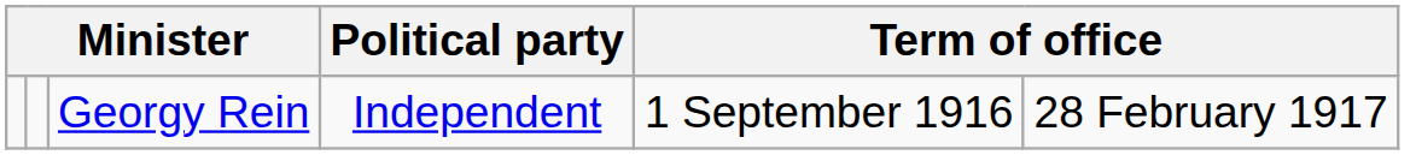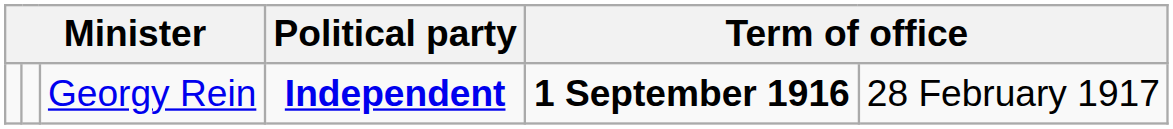 <table class="wikitable" style="text-align:center;">
 <tr>
 <th colspan=3>Minister</th>
 <th>Political party</th>
 <th colspan=2>Term of office</th>
 </tr>
 <tr>
 <td style="background: "></td>
 <td></td>
 <td><a href='#'>Georgy Rein</a></td>
-<td><a href='#'>Independent</a></td>
-<td>1 September 1916</td>
+<td><strong><a href='#'>Independent</a></strong></td>
+<td><strong>1 September 1916</strong></td>
 <td>28 February 1917</td>
 </tr>
 </table>
